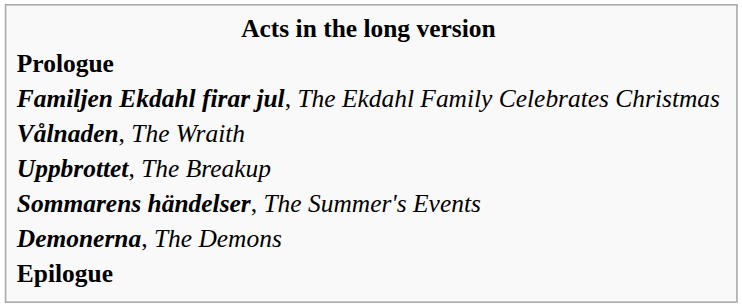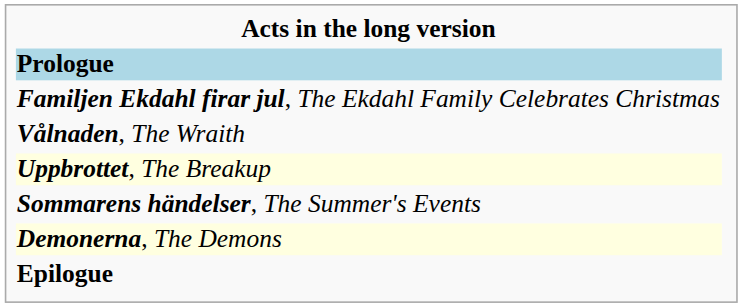 <table class="infobox" style="font-size:100%;" style="width: 25%;">
 <tr>
 <th>Acts in the long version</th>
 <th class="unsortable"></th>
 </tr>
 <tr>
-<td><strong>Prologue</strong></td>
+<td style="background: lightblue;"><strong>Prologue</strong></td>
 </tr>
 <tr>
 <td><strong><em>Familjen Ekdahl firar jul</em></strong>, <em>The Ekdahl Family Celebrates Christmas</em></td>
 </tr>
 <tr>
 <td><strong><em>Vålnaden</em></strong>, <em>The Wraith</em></td>
 </tr>
 <tr>
-<td><strong><em>Uppbrottet</em></strong>, <em>The Breakup</em></td>
+<td style="background: lightyellow;"><strong><em>Uppbrottet</em></strong>, <em>The Breakup</em></td>
 </tr>
 <tr>
 <td><strong><em>Sommarens händelser</em></strong>, <em>The Summer's Events</em></td>
 </tr>
 <tr>
-<td><strong><em>Demonerna</em></strong>, <em>The Demons</em></td>
+<td style="background: lightyellow;"><strong><em>Demonerna</em></strong>, <em>The Demons</em></td>
 </tr>
 <tr>
 <td><strong>Epilogue</strong></td>
 </tr>
 <tr>
 </tr>
 </table>
